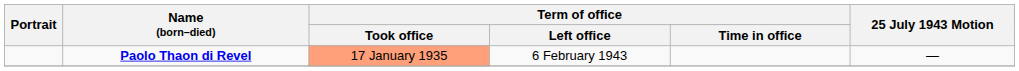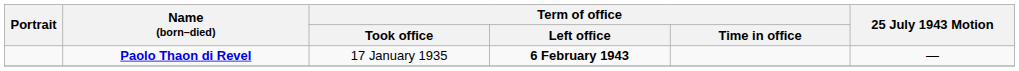 <table class="wikitable" style="text-align:center;" style="width=90%">
 <tr>
 <th width=1% rowspan=2>Portrait</th>
 <th width=15% rowspan=2>Name<br><small>(born–died)</small></th>
 <th width=30% colspan=3>Term of office</th>
 <th width=10% rowspan=2>25 July 1943 Motion</th>
 </tr>
 <tr style="text-align:center;">
 <th width=11%>Took office</th>
 <th width=11%>Left office</th>
 <th width=11%>Time in office</th>
 </tr>
 <tr>
 <td></td>
 <td><strong><a href='#'>Paolo Thaon di Revel</a></strong><br></td>
-<td style="background: lightsalmon;">17 January 1935</td>
-<td>6 February 1943</td>
+<td>17 January 1935</td>
+<td><strong>6 February 1943</strong></td>
 <td></td>
 <td align=center>—</td>
 </tr>
 <tr>
 </tr>
 </table>
